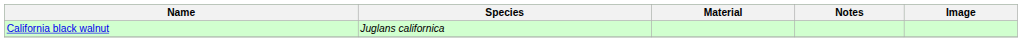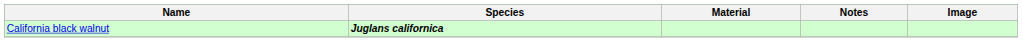 <table class="wikitable" align="center" width="100%" style="background:#D1FFCF;">
 <tr>
 <th>Name</th>
 <th>Species</th>
 <th>Material</th>
 <th>Notes</th>
 <th>Image</th>
 </tr>
 <tr>
 <td><a href='#'>California black walnut</a></td>
-<td><em>Juglans californica</em></td>
+<td><strong><em>Juglans californica</em></strong></td>
 <td></td>
 <td></td>
 <td></td>
 </tr>
 <tr>
 </tr>
 </table>
